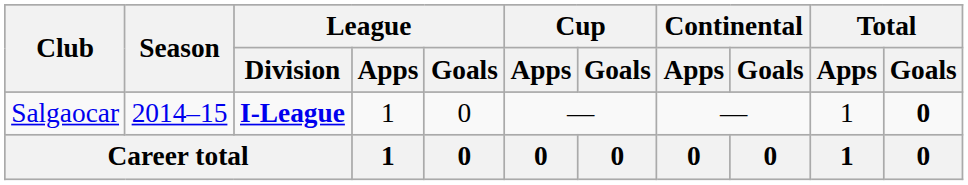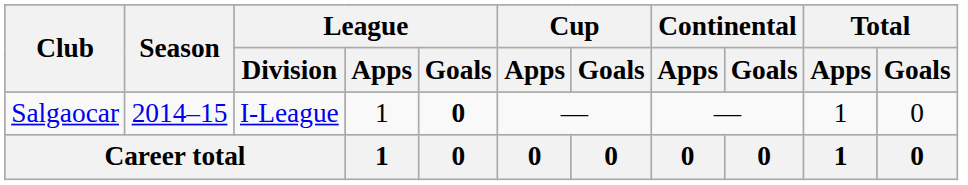 <table class=wikitable style=text-align:center>
 <tr>
 <th rowspan=2>Club</th>
 <th rowspan=2>Season</th>
 <th colspan=3>League</th>
 <th colspan=2>Cup</th>
 <th colspan=2>Continental</th>
 <th colspan=2>Total</th>
 </tr>
 <tr>
 <th>Division</th>
 <th>Apps</th>
 <th>Goals</th>
 <th>Apps</th>
 <th>Goals</th>
 <th>Apps</th>
 <th>Goals</th>
 <th>Apps</th>
 <th>Goals</th>
 </tr>
 <tr>
 <td rowspan=1><a href='#'>Salgaocar</a></td>
 <td><a href='#'>2014–15</a></td>
-<td><strong><a href='#'>I-League</a></strong></td>
+<td><a href='#'>I-League</a></td>
 <td>1</td>
-<td>0</td>
+<td><strong>0</strong></td>
 <td colspan=2>—</td>
 <td colspan=2>—</td>
 <td>1</td>
-<td><strong>0</strong></td>
+<td>0</td>
 </tr>
 <tr>
 <th colspan=3>Career total</th>
 <th>1</th>
 <th>0</th>
 <th>0</th>
 <th>0</th>
 <th>0</th>
 <th>0</th>
 <th>1</th>
 <th>0</th>
 </tr>
 </table>
